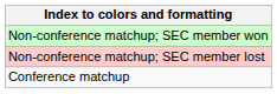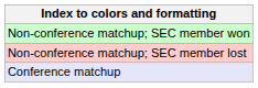 <table class="wikitable">
 <tr>
 <th>Index to colors and formatting</th>
 </tr>
 <tr style="background:#cfc;">
 <td>Non-conference matchup; SEC member won</td>
 </tr>
 <tr style="background:#fcc;">
 <td>Non-conference matchup; SEC member lost</td>
 </tr>
 <tr>
-<td>Conference matchup</td>
+<td style="background: lavender;">Conference matchup</td>
 </tr>
 </table>
